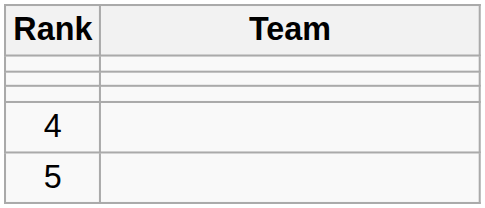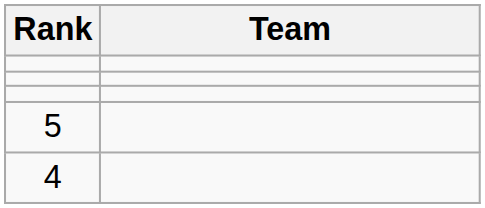 <table class="wikitable" style="text-align: center;">
 <tr>
 <th width=40>Rank</th>
 <th width=180>Team</th>
 </tr>
 <tr align=center>
 <td></td>
 <td align="left"></td>
 </tr>
 <tr align=center>
 <td></td>
 <td align="left"></td>
 </tr>
 <tr align=center>
 <td></td>
 <td align="left"></td>
 </tr>
 <tr align=center>
+<td>5</td>
+<td style="text-align:left;"></td>
+</tr>
+<tr align=center>
 <td>4</td>
 <td style="text-align:left;"></td>
 </tr>
-<tr align=center>
-<td>5</td>
-<td style="text-align:left;"></td>
-</tr>
 </table>
